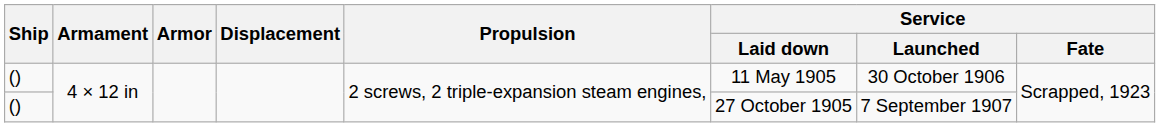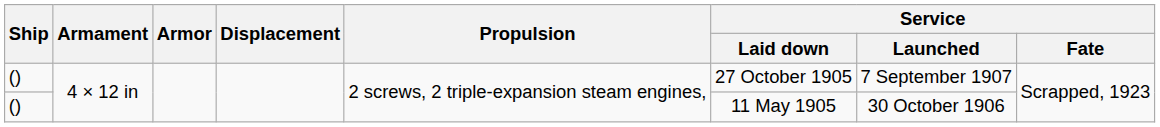 <table class="wikitable">
 <tr valign="center">
 <th align= center rowspan=2>Ship</th>
 <th align= center rowspan=2>Armament</th>
 <th align= center rowspan=2>Armor</th>
 <th align= center rowspan=2>Displacement</th>
 <th align= center rowspan=2>Propulsion</th>
 <th align= center colspan=3>Service</th>
 </tr>
 <tr valign="top">
 <th align= center>Laid down</th>
 <th align= center>Launched</th>
 <th align= center>Fate</th>
 </tr>
 <tr valign="center">
 <td align= left> ()</td>
 <td align= center rowspan=2>4 × 12 in</td>
 <td align= center rowspan=2></td>
 <td align= center rowspan=2></td>
 <td align= center rowspan=2>2 screws, 2 triple-expansion steam engines, </td>
-<td align= center>11 May 1905</td>
-<td align= center>30 October 1906</td>
+<td align= center>27 October 1905</td>
+<td align= center>7 September 1907</td>
 <td align= center rowspan=2>Scrapped, 1923</td>
 </tr>
 <tr valign="center">
 <td align= left> ()</td>
-<td align= center>27 October 1905</td>
-<td align= center>7 September 1907</td>
+<td align= center>11 May 1905</td>
+<td align= center>30 October 1906</td>
 </tr>
 </table>
